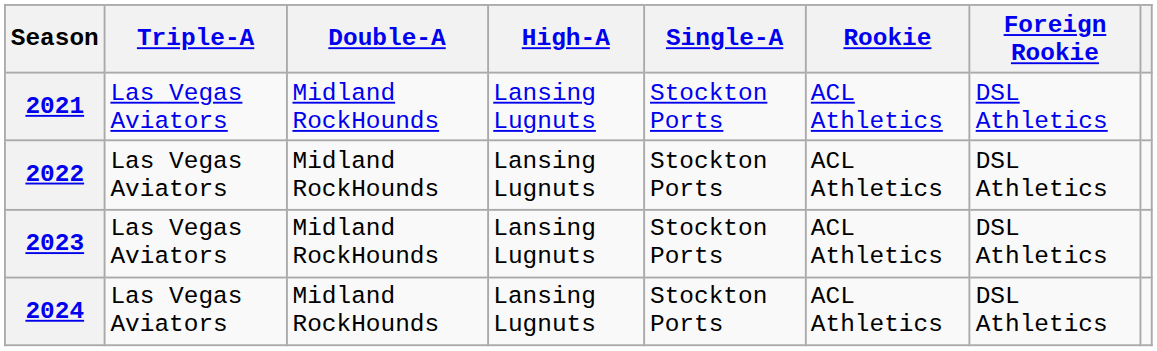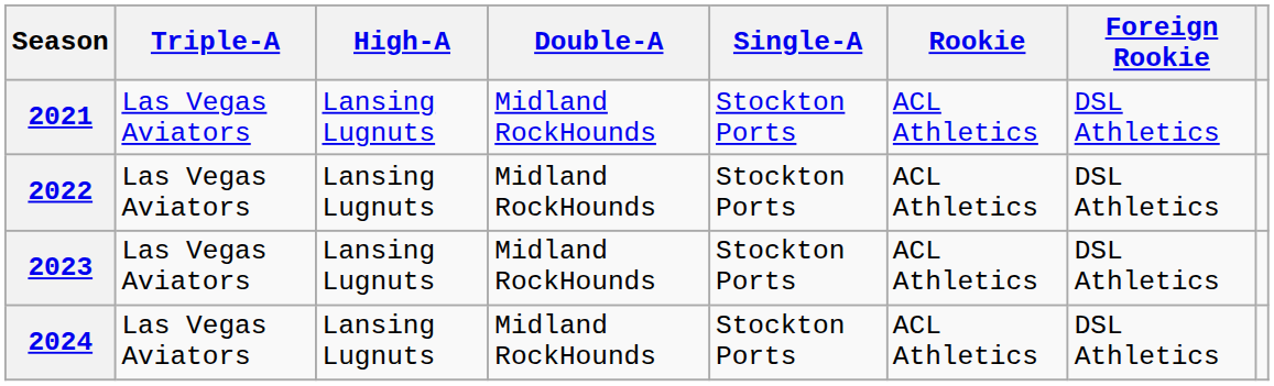 <table class="wikitable plainrowheaders">
 <tr>
 <th scope="col">Season</th>
 <th scope="col"><a href='#'><span>Triple-A</span></a></th>
+<th scope="col"><a href='#'><span>High-A</span></a></th>
 <th scope="col"><a href='#'><span>Double-A</span></a></th>
-<th scope="col"><a href='#'><span>High-A</span></a></th>
 <th scope="col"><a href='#'><span>Single-A</span></a></th>
 <th scope="col"><a href='#'><span>Rookie</span></a></th>
 <th scope="col"><a href='#'><span>Foreign Rookie</span></a></th>
 <th scope="col"></th>
 </tr>
 <tr>
 <th scope="row" style="text-align:center"><a href='#'>2021</a></th>
 <td><a href='#'>Las Vegas Aviators</a></td>
+<td><a href='#'>Lansing Lugnuts</a></td>
 <td><a href='#'>Midland RockHounds</a></td>
-<td><a href='#'>Lansing Lugnuts</a></td>
 <td><a href='#'>Stockton Ports</a></td>
 <td><a href='#'>ACL Athletics</a></td>
 <td><a href='#'>DSL Athletics</a></td>
 <td align="center"></td>
 </tr>
 <tr>
 <th scope="row" style="text-align:center"><a href='#'>2022</a></th>
 <td>Las Vegas Aviators</td>
+<td>Lansing Lugnuts</td>
 <td>Midland RockHounds</td>
-<td>Lansing Lugnuts</td>
 <td>Stockton Ports</td>
 <td>ACL Athletics</td>
 <td>DSL Athletics</td>
 <td align="center"></td>
 </tr>
 <tr>
 <th scope="row" style="text-align:center"><a href='#'>2023</a></th>
 <td>Las Vegas Aviators</td>
+<td>Lansing Lugnuts</td>
 <td>Midland RockHounds</td>
-<td>Lansing Lugnuts</td>
 <td>Stockton Ports</td>
 <td>ACL Athletics</td>
 <td>DSL Athletics</td>
 <td align="center"></td>
 </tr>
 <tr>
 <th scope="row" style="text-align:center"><a href='#'>2024</a></th>
 <td>Las Vegas Aviators</td>
+<td>Lansing Lugnuts</td>
 <td>Midland RockHounds</td>
-<td>Lansing Lugnuts</td>
 <td>Stockton Ports</td>
 <td>ACL Athletics</td>
 <td>DSL Athletics</td>
 <td align="center"></td>
 </tr>
 </table>
